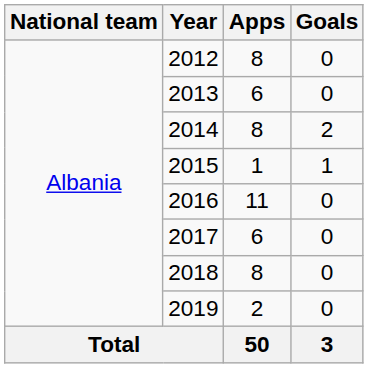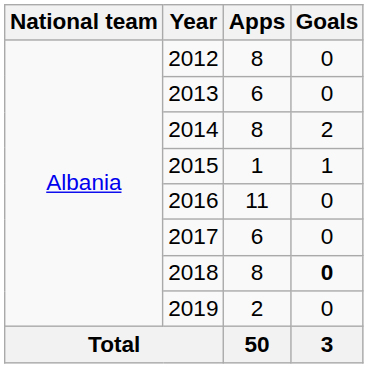 <table class="wikitable" style="text-align:center">
 <tr>
 <th>National team</th>
 <th>Year</th>
 <th>Apps</th>
 <th>Goals</th>
 </tr>
 <tr>
 <td rowspan="8"><a href='#'>Albania</a></td>
 <td>2012</td>
 <td>8</td>
 <td>0</td>
 </tr>
 <tr>
 <td>2013</td>
 <td>6</td>
 <td>0</td>
 </tr>
 <tr>
 <td>2014</td>
 <td>8</td>
 <td>2</td>
 </tr>
 <tr>
 <td>2015</td>
 <td>1</td>
 <td>1</td>
 </tr>
 <tr>
 <td>2016</td>
 <td>11</td>
 <td>0</td>
 </tr>
 <tr>
 <td>2017</td>
 <td>6</td>
 <td>0</td>
 </tr>
 <tr>
 <td>2018</td>
 <td>8</td>
-<td>0</td>
+<td><strong>0</strong></td>
 </tr>
 <tr>
 <td>2019</td>
 <td>2</td>
 <td>0</td>
 </tr>
 <tr>
 <th colspan="2">Total</th>
 <th>50</th>
 <th>3</th>
 </tr>
 </table>
